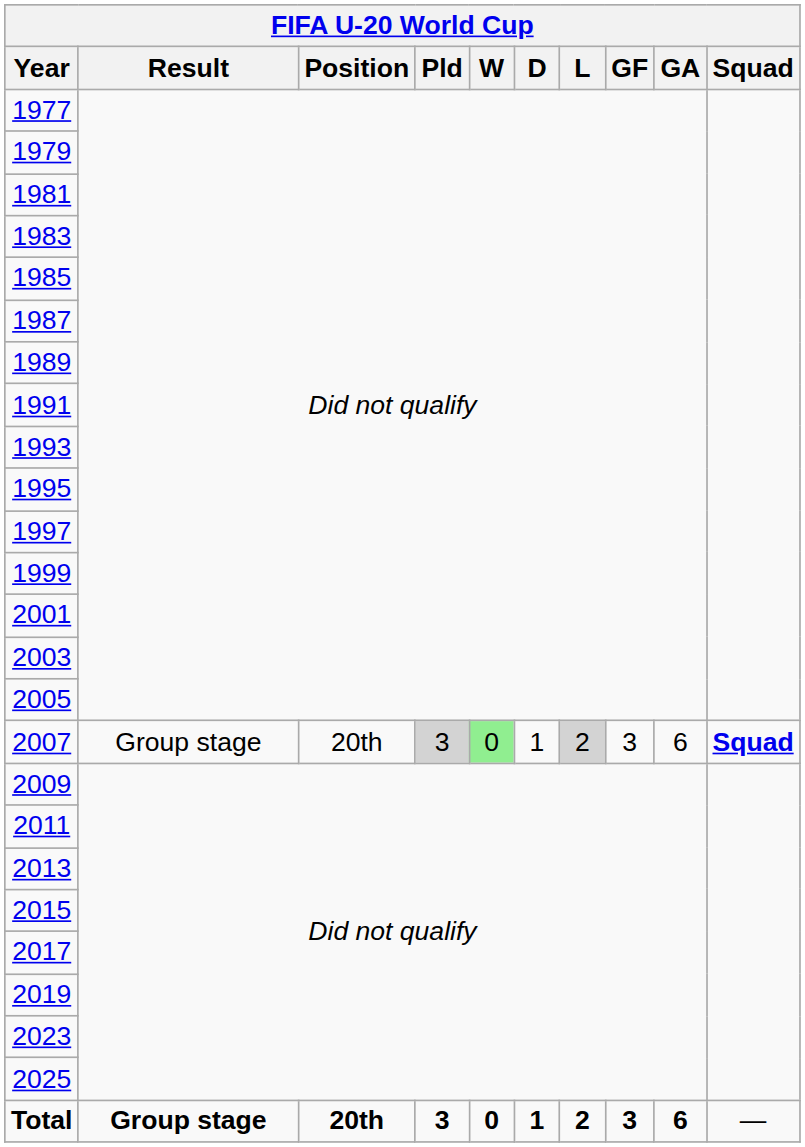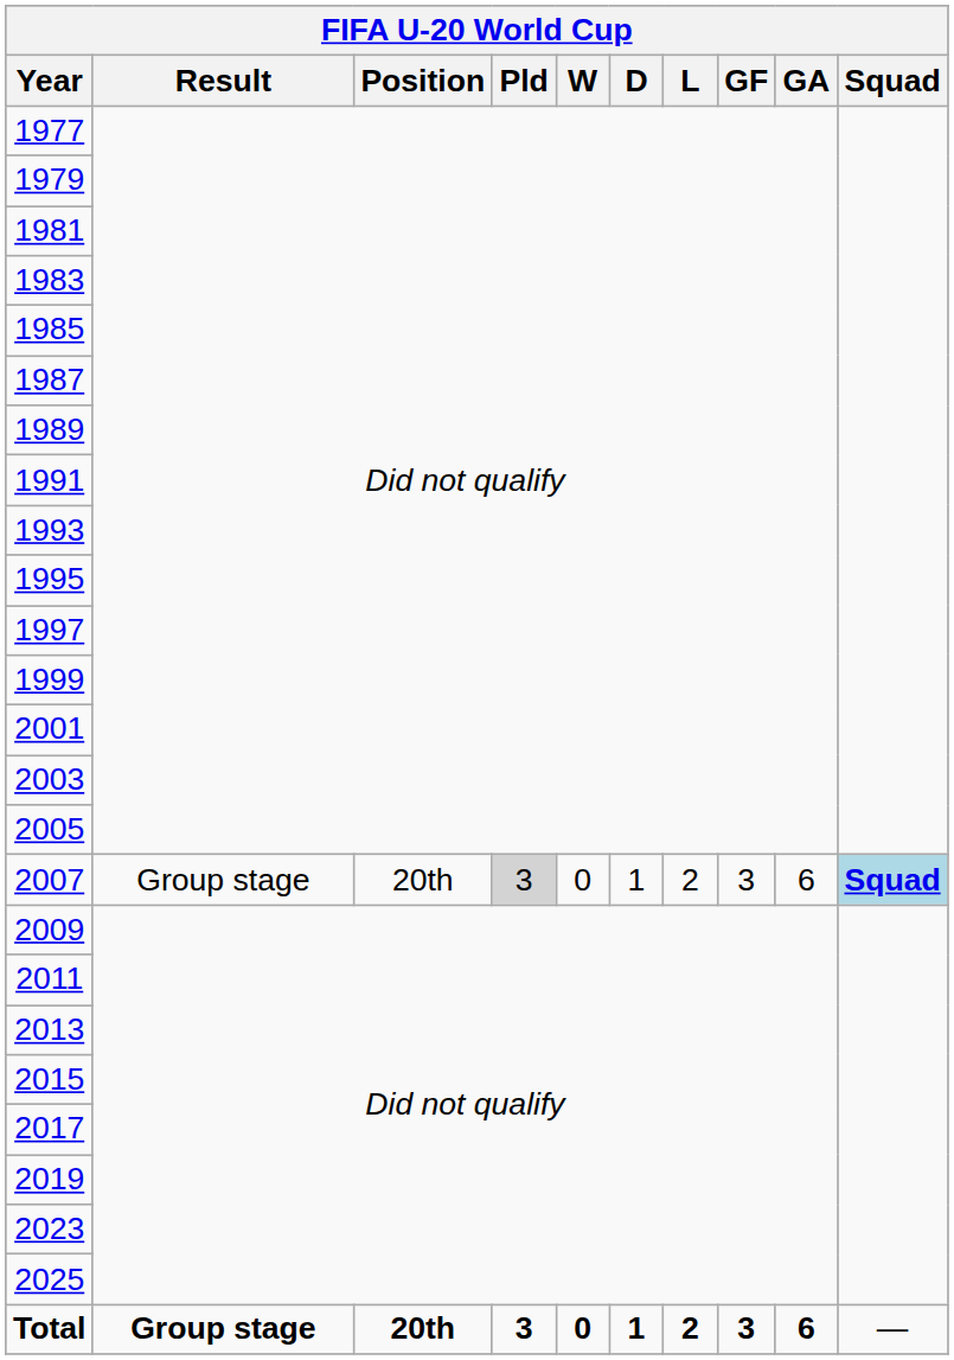 <table class="wikitable" style="text-align: center;font-size:100%">
 <tr>
 <th colspan=10><a href='#'>FIFA U-20 World Cup</a></th>
 </tr>
 <tr>
 <th>Year</th>
 <th width=125>Result</th>
 <th width=20>Position</th>
 <th width=20>Pld</th>
 <th width=20>W</th>
 <th width=20>D</th>
 <th width=20>L</th>
 <th width=20>GF</th>
 <th width=20>GA</th>
 <th>Squad</th>
 </tr>
 <tr>
 <td> <a href='#'>1977</a></td>
 <td rowspan=15 colspan=8><em>Did not qualify</em></td>
 </tr>
 <tr>
 <td> <a href='#'>1979</a></td>
 </tr>
 <tr>
 <td> <a href='#'>1981</a></td>
 </tr>
 <tr>
 <td> <a href='#'>1983</a></td>
 </tr>
 <tr>
 <td> <a href='#'>1985</a></td>
 </tr>
 <tr>
 <td> <a href='#'>1987</a></td>
 </tr>
 <tr>
 <td> <a href='#'>1989</a></td>
 </tr>
 <tr>
 <td> <a href='#'>1991</a></td>
 </tr>
 <tr>
 <td> <a href='#'>1993</a></td>
 </tr>
 <tr>
 <td> <a href='#'>1995</a></td>
 </tr>
 <tr>
 <td> <a href='#'>1997</a></td>
 </tr>
 <tr>
 <td> <a href='#'>1999</a></td>
 </tr>
 <tr>
 <td> <a href='#'>2001</a></td>
 </tr>
 <tr>
 <td> <a href='#'>2003</a></td>
 </tr>
 <tr>
 <td> <a href='#'>2005</a></td>
 </tr>
 <tr>
 <td> <a href='#'>2007</a></td>
 <td>Group stage</td>
 <td>20th</td>
 <td style="background: lightgrey;">3</td>
-<td style="background: lightgreen;">0</td>
+<td>0</td>
 <td>1</td>
-<td style="background: lightgrey;">2</td>
+<td>2</td>
 <td>3</td>
 <td>6</td>
-<td><strong><a href='#'>Squad</a></strong></td>
+<td style="background: lightblue;"><strong><a href='#'>Squad</a></strong></td>
 </tr>
 <tr>
 <td> <a href='#'>2009</a></td>
 <td rowspan=8 colspan=8><em>Did not qualify</em></td>
 </tr>
 <tr>
 <td> <a href='#'>2011</a></td>
 </tr>
 <tr>
 <td> <a href='#'>2013</a></td>
 </tr>
 <tr>
 <td> <a href='#'>2015</a></td>
 </tr>
 <tr>
 <td> <a href='#'>2017</a></td>
 </tr>
 <tr>
 <td> <a href='#'>2019</a></td>
 </tr>
 <tr>
 <td> <a href='#'>2023</a></td>
 </tr>
 <tr>
 <td> <a href='#'>2025</a></td>
 </tr>
 <tr>
 <td><strong>Total</strong></td>
 <td><strong>Group stage</strong></td>
 <td><strong>20th</strong></td>
 <td><strong>3</strong></td>
 <td><strong>0</strong></td>
 <td><strong>1</strong></td>
 <td><strong>2</strong></td>
 <td><strong>3</strong></td>
 <td><strong>6</strong></td>
 <td>—</td>
 </tr>
 </table>
